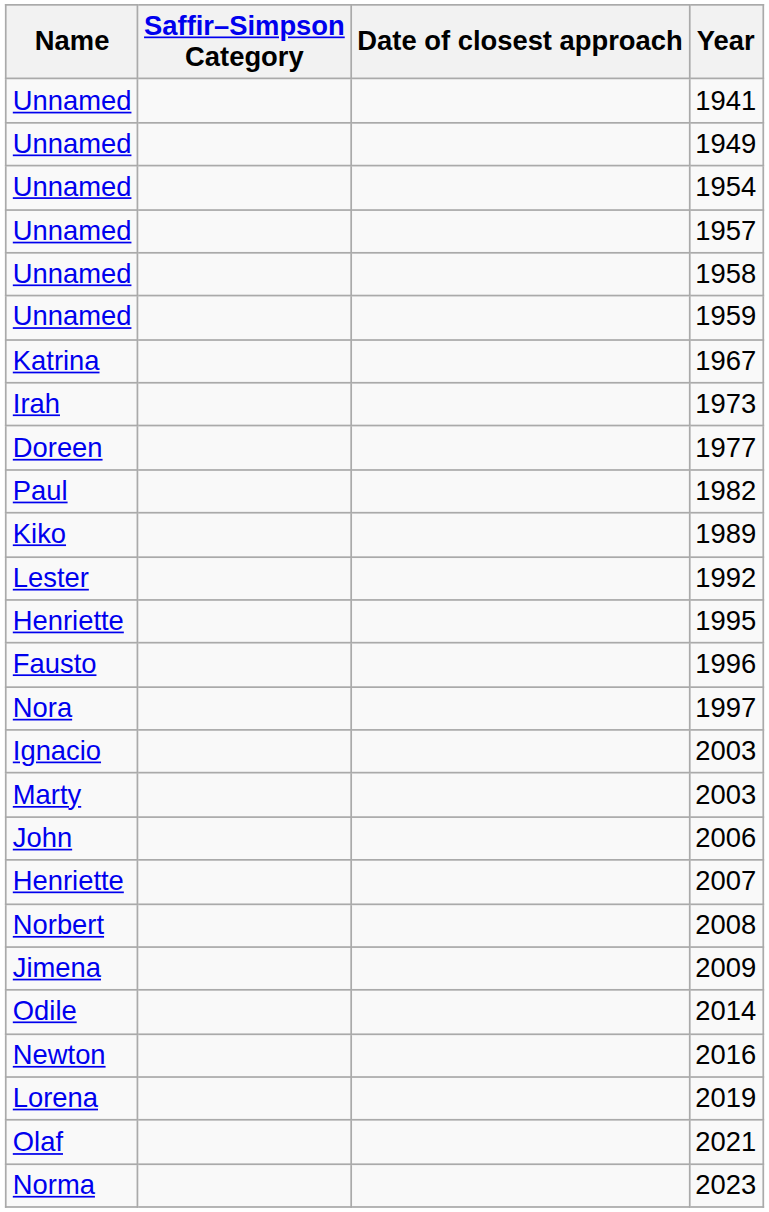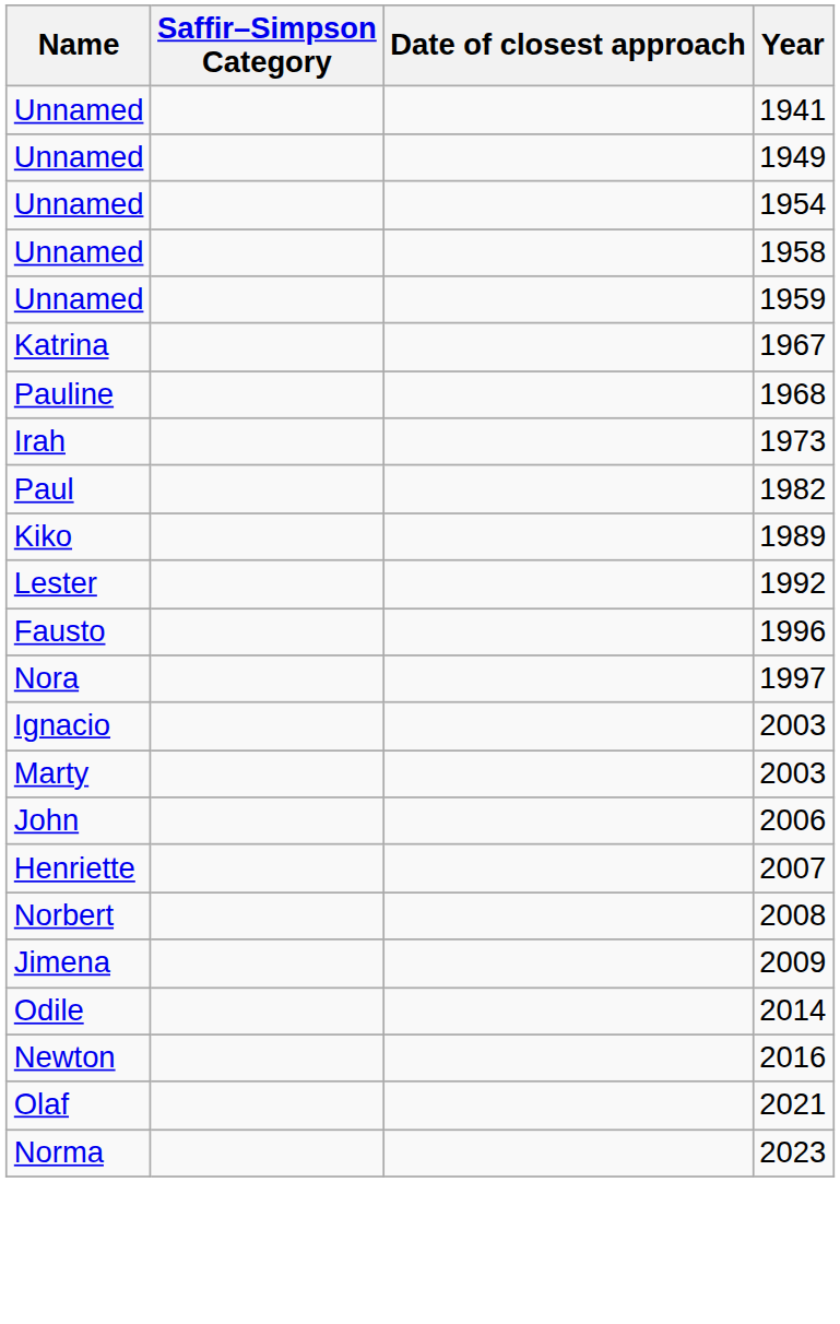 <table class = "wikitable" style="margin:1em auto;">
 <tr>
 <th>Name</th>
 <th><a href='#'>Saffir–Simpson</a><br>Category</th>
 <th>Date of closest approach</th>
 <th>Year</th>
 </tr>
 <tr>
 <td><a href='#'>Unnamed</a></td>
 <td></td>
 <td></td>
 <td>1941</td>
 </tr>
 <tr>
 <td><a href='#'>Unnamed</a></td>
 <td></td>
 <td></td>
 <td>1949</td>
 </tr>
 <tr>
 <td><a href='#'>Unnamed</a></td>
 <td></td>
 <td></td>
 <td>1954</td>
 </tr>
 <tr>
 <td><a href='#'>Unnamed</a></td>
 <td></td>
 <td></td>
-<td>1957</td>
-</tr>
-<tr>
-<td><a href='#'>Unnamed</a></td>
-<td></td>
-<td></td>
 <td>1958</td>
 </tr>
 <tr>
 <td><a href='#'>Unnamed</a></td>
 <td></td>
 <td></td>
 <td>1959</td>
 </tr>
 <tr>
 <td><a href='#'>Katrina</a></td>
 <td></td>
 <td></td>
 <td>1967</td>
 </tr>
 <tr>
+<td><a href='#'>Pauline</a></td>
+<td></td>
+<td></td>
+<td>1968</td>
+</tr>
+<tr>
 <td><a href='#'>Irah</a></td>
 <td></td>
 <td></td>
 <td>1973</td>
-</tr>
-<tr>
-<td><a href='#'>Doreen</a></td>
-<td></td>
-<td></td>
-<td>1977</td>
 </tr>
 <tr>
 <td><a href='#'>Paul</a></td>
 <td></td>
 <td></td>
 <td>1982</td>
 </tr>
 <tr>
 <td><a href='#'>Kiko</a></td>
 <td></td>
 <td></td>
 <td>1989</td>
 </tr>
 <tr>
 <td><a href='#'>Lester</a></td>
 <td></td>
 <td></td>
 <td>1992</td>
-</tr>
-<tr>
-<td><a href='#'>Henriette</a></td>
-<td></td>
-<td></td>
-<td>1995</td>
 </tr>
 <tr>
 <td><a href='#'>Fausto</a></td>
 <td></td>
 <td></td>
 <td>1996</td>
 </tr>
 <tr>
 <td><a href='#'>Nora</a></td>
 <td></td>
 <td></td>
 <td>1997</td>
 </tr>
 <tr>
 <td><a href='#'>Ignacio</a></td>
 <td></td>
 <td></td>
 <td>2003</td>
 </tr>
 <tr>
 <td><a href='#'>Marty</a></td>
 <td></td>
 <td></td>
 <td>2003</td>
 </tr>
 <tr>
 <td><a href='#'>John</a></td>
 <td></td>
 <td></td>
 <td>2006</td>
 </tr>
 <tr>
 <td><a href='#'>Henriette</a></td>
 <td></td>
 <td></td>
 <td>2007</td>
 </tr>
 <tr>
 <td><a href='#'>Norbert</a></td>
 <td></td>
 <td></td>
 <td>2008</td>
 </tr>
 <tr>
 <td><a href='#'>Jimena</a></td>
 <td></td>
 <td></td>
 <td>2009</td>
 </tr>
 <tr>
 <td><a href='#'>Odile</a></td>
 <td></td>
 <td></td>
 <td>2014</td>
 </tr>
 <tr>
 <td><a href='#'>Newton</a></td>
 <td></td>
 <td></td>
 <td>2016</td>
 </tr>
 <tr>
-<td><a href='#'>Lorena</a></td>
-<td></td>
-<td></td>
-<td>2019</td>
-</tr>
-<tr>
 <td><a href='#'>Olaf</a></td>
 <td></td>
 <td></td>
 <td>2021</td>
 </tr>
 <tr>
 <td><a href='#'>Norma</a></td>
 <td></td>
 <td></td>
 <td>2023</td>
 </tr>
 </table>
